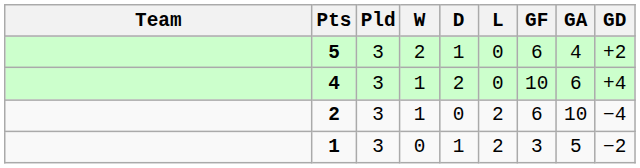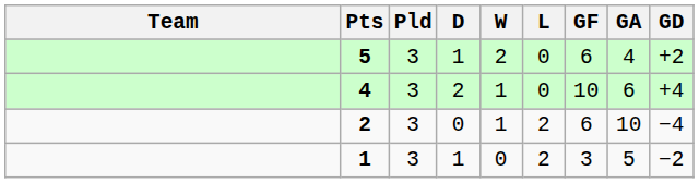 <table class=wikitable style=text-align:center>
 <tr>
 <th width=200>Team</th>
 <th width=20>Pts</th>
 <th width=20>Pld</th>
+<th width=20>D</th>
 <th width=20>W</th>
-<th width=20>D</th>
 <th width=20>L</th>
 <th width=20>GF</th>
 <th width=20>GA</th>
 <th width=20>GD</th>
 </tr>
 <tr style="background:#ccffcc;">
 <td align=left></td>
 <td><strong>5</strong></td>
 <td>3</td>
+<td>1</td>
 <td>2</td>
-<td>1</td>
 <td>0</td>
 <td>6</td>
 <td>4</td>
 <td>+2</td>
 </tr>
 <tr style="background:#ccffcc;">
 <td align=left></td>
 <td><strong>4</strong></td>
 <td>3</td>
+<td>2</td>
 <td>1</td>
-<td>2</td>
 <td>0</td>
 <td>10</td>
 <td>6</td>
 <td>+4</td>
 </tr>
 <tr>
 <td align=left></td>
 <td><strong>2</strong></td>
 <td>3</td>
+<td>0</td>
 <td>1</td>
-<td>0</td>
 <td>2</td>
 <td>6</td>
 <td>10</td>
 <td>−4</td>
 </tr>
 <tr>
 <td align=left></td>
 <td><strong>1</strong></td>
 <td>3</td>
+<td>1</td>
 <td>0</td>
-<td>1</td>
 <td>2</td>
 <td>3</td>
 <td>5</td>
 <td>−2</td>
 </tr>
 </table>
